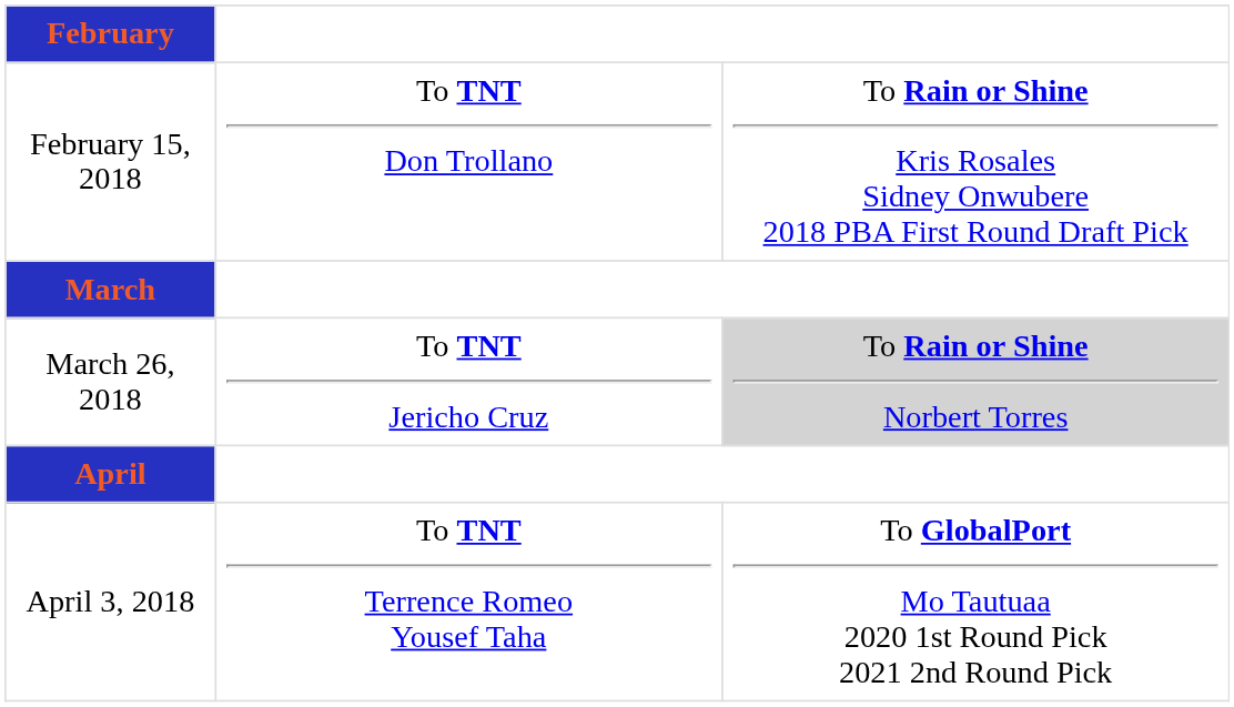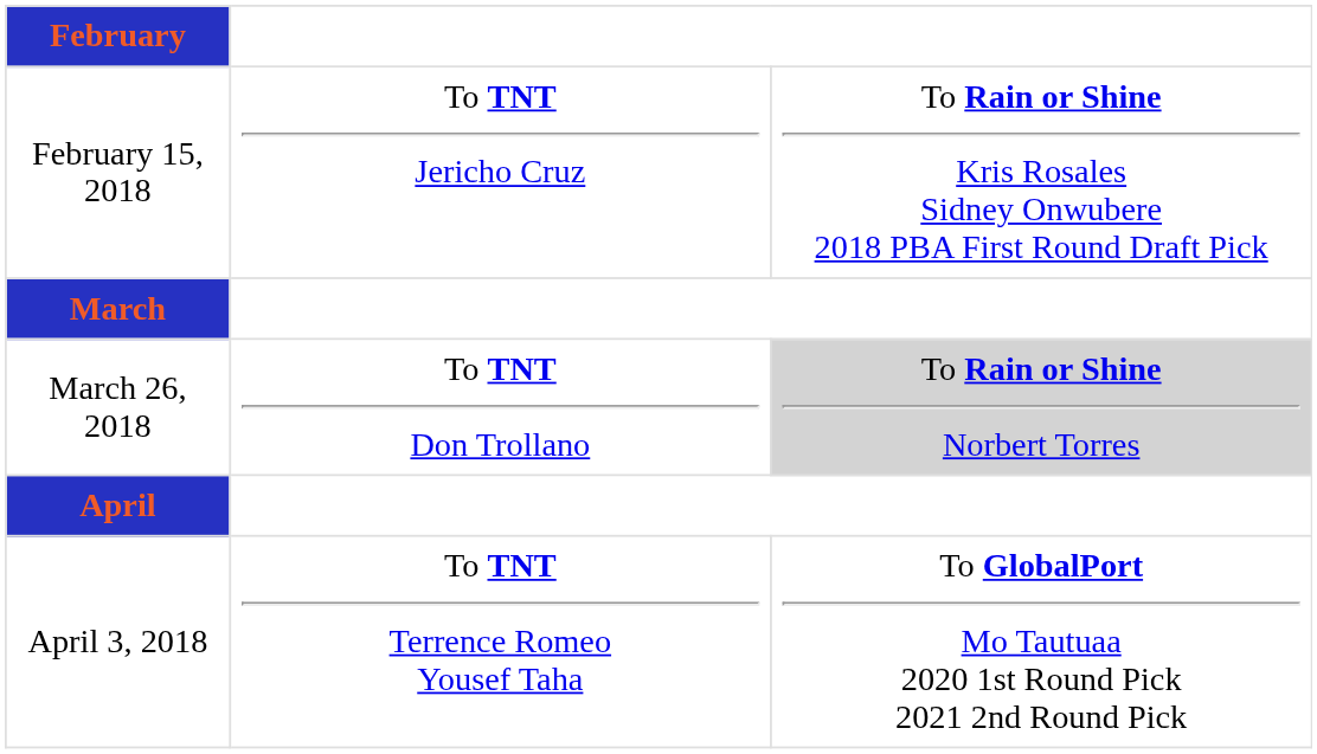 <table border=1 style="border-collapse:collapse; text-align: center; width: 100%" bordercolor="#DFDFDF"  cellpadding="5">
 <tr bgcolor="eeeeee">
 <th style="background:#2631C2; color:#F05B28; ">February</th>
 </tr>
 <tr>
 <td style="width:12%">February 15, 2018</td>
-<td style="width:29.3%" valign="top">To <strong><a href='#'>TNT</a></strong><hr><a href='#'>Don Trollano</a></td>
+<td style="width:29.3%" valign="top">To <strong><a href='#'>TNT</a></strong><hr><a href='#'>Jericho Cruz</a></td>
 <td style="width:29.3%" valign="top">To <strong><a href='#'>Rain or Shine</a></strong><hr><a href='#'>Kris Rosales</a><br><a href='#'>Sidney Onwubere</a><br><a href='#'>2018 PBA First Round Draft Pick</a></td>
 </tr>
 <tr bgcolor="eeeeee">
 <th style="background:#2631C2; color:#F05B28; ">March</th>
 </tr>
 <tr>
 <td style="width:12%">March 26, 2018</td>
-<td style="width:29.3%" valign="top">To <strong><a href='#'>TNT</a></strong><hr><a href='#'>Jericho Cruz</a></td>
+<td style="width:29.3%" valign="top">To <strong><a href='#'>TNT</a></strong><hr><a href='#'>Don Trollano</a></td>
 <td style="background: lightgrey; width:29.3%" valign="top">To <strong><a href='#'>Rain or Shine</a></strong><hr><a href='#'>Norbert Torres</a></td>
 </tr>
 <tr bgcolor="eeeeee">
 <th style="background:#2631C2; color:#F05B28; ">April</th>
 </tr>
 <tr>
 <td style="width:12%">April 3, 2018</td>
 <td style="width:29.3%" valign="top">To <strong><a href='#'>TNT</a></strong><hr><a href='#'>Terrence Romeo</a><br><a href='#'>Yousef Taha</a></td>
 <td style="width:29.3%" valign="top">To <strong><a href='#'>GlobalPort</a></strong><hr><a href='#'>Mo Tautuaa</a><br>2020 1st Round Pick<br>2021 2nd Round Pick</td>
 </tr>
 </table>
